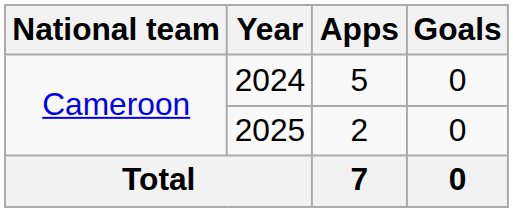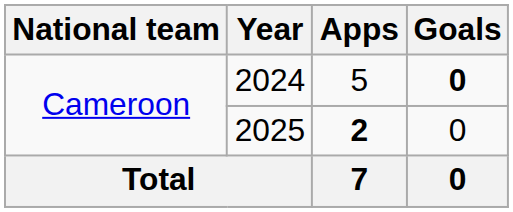 <table class="wikitable" style="text-align: center;">
 <tr>
 <th>National team</th>
 <th>Year</th>
 <th>Apps</th>
 <th>Goals</th>
 </tr>
 <tr>
 <td rowspan="2"><a href='#'>Cameroon</a></td>
 <td>2024</td>
 <td>5</td>
-<td>0</td>
+<td><strong>0</strong></td>
 </tr>
 <tr>
 <td>2025</td>
-<td>2</td>
+<td><strong>2</strong></td>
 <td>0</td>
 </tr>
 <tr>
 <th colspan="2">Total</th>
 <th>7</th>
 <th>0</th>
 </tr>
 </table>
